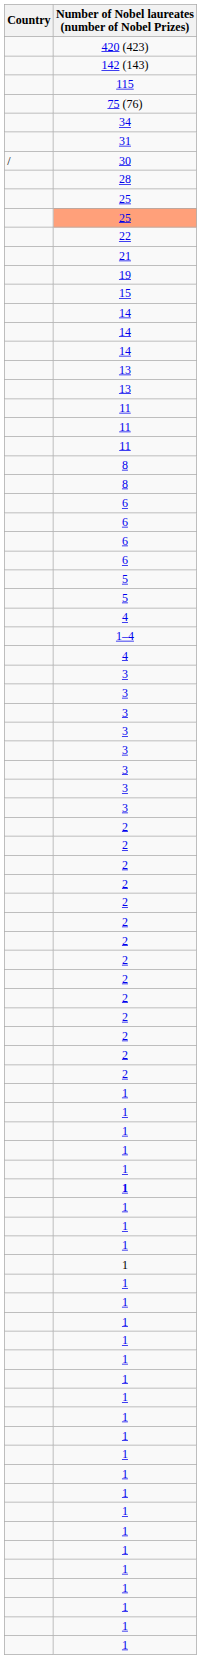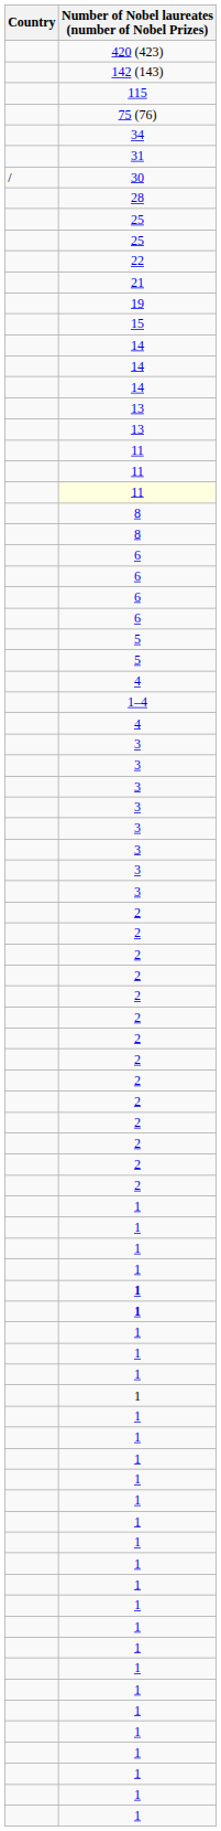 <table class="wikitable sortable sticky-header static-row-numbers">
 <tr>
 <th>Country</th>
 <th>Number of Nobel laureates<br>(number of Nobel Prizes)</th>
 </tr>
 <tr>
 <td></td>
 <td style="text-align:center;"><a href='#'>420</a> (423)</td>
 </tr>
 <tr>
 <td></td>
 <td style="text-align:center;"><a href='#'>142</a> (143)</td>
 </tr>
 <tr>
 <td></td>
 <td style="text-align:center;"><a href='#'>115</a></td>
 </tr>
 <tr>
 <td></td>
 <td style="text-align:center;"><a href='#'>75</a> (76)</td>
 </tr>
 <tr>
 <td></td>
 <td style="text-align:center;"><a href='#'>34</a></td>
 </tr>
 <tr>
 <td></td>
 <td style="text-align:center;"><a href='#'>31</a></td>
 </tr>
 <tr>
 <td>/</td>
 <td style="text-align:center;"><a href='#'>30</a></td>
 </tr>
 <tr>
 <td></td>
 <td style="text-align:center;"><a href='#'>28</a></td>
 </tr>
 <tr>
 <td></td>
 <td style="text-align:center;"><a href='#'>25</a></td>
 </tr>
 <tr>
 <td></td>
-<td style="background: lightsalmon; text-align:center;"><a href='#'>25</a></td>
+<td style="text-align:center;"><a href='#'>25</a></td>
 </tr>
 <tr>
 <td></td>
 <td style="text-align:center;"><a href='#'>22</a></td>
 </tr>
 <tr>
 <td></td>
 <td style="text-align:center;"><a href='#'>21</a></td>
 </tr>
 <tr>
 <td></td>
 <td style="text-align:center;"><a href='#'>19</a></td>
 </tr>
 <tr>
 <td></td>
 <td style="text-align:center;"><a href='#'>15</a></td>
 </tr>
 <tr>
 <td></td>
 <td style="text-align:center;"><a href='#'>14</a></td>
 </tr>
 <tr>
 <td></td>
 <td style="text-align:center;"><a href='#'>14</a></td>
 </tr>
 <tr>
 <td></td>
 <td style="text-align:center;"><a href='#'>14</a></td>
 </tr>
 <tr>
 <td></td>
 <td style="text-align:center;"><a href='#'>13</a></td>
 </tr>
 <tr>
 <td></td>
 <td style="text-align:center;"><a href='#'>13</a></td>
 </tr>
 <tr>
 <td></td>
 <td style="text-align:center;"><a href='#'>11</a></td>
 </tr>
 <tr>
 <td></td>
 <td style="text-align:center;"><a href='#'>11</a></td>
 </tr>
 <tr>
 <td></td>
-<td style="text-align:center;"><a href='#'>11</a></td>
+<td style="background: lightyellow; text-align:center;"><a href='#'>11</a></td>
 </tr>
 <tr>
 <td></td>
 <td style="text-align:center;"><a href='#'>8</a></td>
 </tr>
 <tr>
 <td></td>
 <td style="text-align:center;"><a href='#'>8</a></td>
 </tr>
 <tr>
 <td></td>
 <td style="text-align:center;"><a href='#'>6</a></td>
 </tr>
 <tr>
 <td></td>
 <td style="text-align:center;"><a href='#'>6</a></td>
 </tr>
 <tr>
 <td></td>
 <td style="text-align:center;"><a href='#'>6</a></td>
 </tr>
 <tr>
 <td></td>
 <td style="text-align:center;"><a href='#'>6</a></td>
 </tr>
 <tr>
 <td></td>
 <td style="text-align:center;"><a href='#'>5</a></td>
 </tr>
 <tr>
 <td></td>
 <td style="text-align:center;"><a href='#'>5</a></td>
 </tr>
 <tr>
 <td></td>
 <td style="text-align:center;"><a href='#'>4</a></td>
 </tr>
 <tr>
 <td></td>
 <td style="text-align:center;"><a href='#'>1–4</a></td>
 </tr>
 <tr>
 <td></td>
 <td style="text-align:center;"><a href='#'>4</a></td>
 </tr>
 <tr>
 <td></td>
 <td style="text-align:center;"><a href='#'>3</a></td>
 </tr>
 <tr>
 <td></td>
 <td style="text-align:center;"><a href='#'>3</a></td>
 </tr>
 <tr>
 <td></td>
 <td style="text-align:center;"><a href='#'>3</a></td>
 </tr>
 <tr>
 <td></td>
 <td style="text-align:center;"><a href='#'>3</a></td>
 </tr>
 <tr>
 <td></td>
 <td style="text-align:center;"><a href='#'>3</a></td>
 </tr>
 <tr>
 <td></td>
 <td style="text-align:center;"><a href='#'>3</a></td>
 </tr>
 <tr>
 <td></td>
 <td style="text-align:center;"><a href='#'>3</a></td>
 </tr>
 <tr>
 <td></td>
 <td style="text-align:center;"><a href='#'>3</a></td>
 </tr>
 <tr>
 <td></td>
 <td style="text-align:center;"><a href='#'>2</a></td>
 </tr>
 <tr>
 <td></td>
 <td style="text-align:center;"><a href='#'>2</a></td>
 </tr>
 <tr>
 <td></td>
 <td style="text-align:center;"><a href='#'>2</a></td>
 </tr>
 <tr>
 <td></td>
 <td style="text-align:center;"><a href='#'>2</a></td>
 </tr>
 <tr>
 <td></td>
 <td style="text-align:center;"><a href='#'>2</a></td>
 </tr>
 <tr>
 <td></td>
 <td style="text-align:center;"><a href='#'>2</a></td>
 </tr>
 <tr>
 <td></td>
 <td style="text-align:center;"><a href='#'>2</a></td>
 </tr>
 <tr>
 <td></td>
 <td style="text-align:center;"><a href='#'>2</a></td>
 </tr>
 <tr>
 <td></td>
 <td style="text-align:center;"><a href='#'>2</a></td>
 </tr>
 <tr>
 <td></td>
 <td style="text-align:center;"><a href='#'>2</a></td>
 </tr>
 <tr>
 <td></td>
 <td style="text-align:center;"><a href='#'>2</a></td>
 </tr>
 <tr>
 <td></td>
 <td style="text-align:center;"><a href='#'>2</a></td>
 </tr>
 <tr>
 <td></td>
 <td style="text-align:center;"><a href='#'>2</a></td>
 </tr>
 <tr>
 <td></td>
 <td style="text-align:center;"><a href='#'>2</a></td>
 </tr>
 <tr>
 <td></td>
 <td style="text-align:center;"><a href='#'>1</a></td>
 </tr>
 <tr>
 <td></td>
 <td style="text-align:center;"><a href='#'>1</a></td>
 </tr>
 <tr>
 <td></td>
 <td style="text-align:center;"><a href='#'>1</a></td>
 </tr>
 <tr>
 <td></td>
 <td style="text-align:center;"><a href='#'>1</a></td>
 </tr>
 <tr>
 <td></td>
-<td style="text-align:center;"><a href='#'>1</a></td>
+<td style="text-align:center;"><strong><a href='#'>1</a></strong></td>
 </tr>
 <tr>
 <td></td>
 <td style="text-align:center;"><strong><a href='#'>1</a></strong></td>
 </tr>
 <tr>
 <td></td>
 <td style="text-align:center;"><a href='#'>1</a></td>
 </tr>
 <tr>
 <td><em></em></td>
 <td style="text-align:center;"><a href='#'>1</a></td>
 </tr>
 <tr>
 <td></td>
 <td style="text-align:center;"><a href='#'>1</a></td>
 </tr>
 <tr>
 <td><em></em></td>
 <td style="text-align:center;">1</td>
 </tr>
 <tr>
 <td></td>
 <td style="text-align:center;"><a href='#'>1</a></td>
 </tr>
 <tr>
 <td></td>
 <td style="text-align:center;"><a href='#'>1</a></td>
 </tr>
 <tr>
 <td></td>
 <td style="text-align:center;"><a href='#'>1</a></td>
 </tr>
 <tr>
 <td></td>
 <td style="text-align:center;"><a href='#'>1</a></td>
 </tr>
 <tr>
 <td></td>
 <td style="text-align:center;"><a href='#'>1</a></td>
 </tr>
 <tr>
 <td></td>
 <td style="text-align:center;"><a href='#'>1</a></td>
 </tr>
 <tr>
 <td></td>
 <td style="text-align:center;"><a href='#'>1</a></td>
 </tr>
 <tr>
 <td></td>
 <td style="text-align:center;"><a href='#'>1</a></td>
 </tr>
 <tr>
 <td></td>
 <td style="text-align:center;"><a href='#'>1</a></td>
 </tr>
 <tr>
 <td></td>
 <td style="text-align:center;"><a href='#'>1</a></td>
 </tr>
 <tr>
 <td></td>
 <td style="text-align:center;"><a href='#'>1</a></td>
 </tr>
 <tr>
 <td></td>
 <td style="text-align:center;"><a href='#'>1</a></td>
 </tr>
 <tr>
 <td></td>
 <td style="text-align:center;"><a href='#'>1</a></td>
 </tr>
 <tr>
 <td></td>
 <td style="text-align:center;"><a href='#'>1</a></td>
 </tr>
 <tr>
 <td><em></em></td>
 <td style="text-align:center;"><a href='#'>1</a></td>
 </tr>
 <tr>
 <td></td>
 <td style="text-align:center;"><a href='#'>1</a></td>
 </tr>
 <tr>
 <td></td>
 <td style="text-align:center;"><a href='#'>1</a></td>
 </tr>
 <tr>
 <td></td>
 <td style="text-align:center;"><a href='#'>1</a></td>
 </tr>
 <tr>
 <td></td>
 <td style="text-align:center;"><a href='#'>1</a></td>
 </tr>
 <tr>
 <td></td>
 <td style="text-align:center;"><a href='#'>1</a></td>
 </tr>
 </table>
